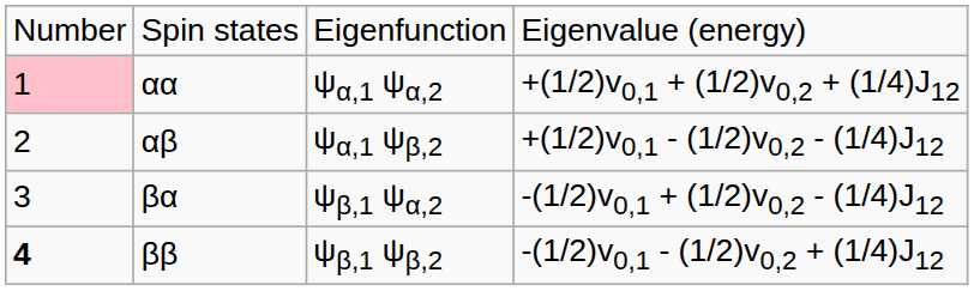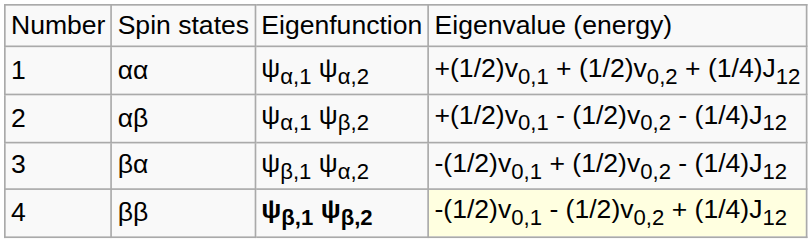 <table class="wikitable">
 <tr>
 <td>Number</td>
 <td>Spin states</td>
 <td>Eigenfunction</td>
 <td>Eigenvalue (energy)</td>
 </tr>
 <tr>
-<td style="background: pink;">1</td>
+<td>1</td>
 <td>αα</td>
 <td>ψ<sub>α,1</sub> ψ<sub>α,2</sub></td>
 <td>+(1/2)v<sub>0,1</sub> + (1/2)v<sub>0,2</sub> + (1/4)J<sub>12</sub></td>
 </tr>
 <tr>
 <td>2</td>
 <td>αβ</td>
 <td>ψ<sub>α,1</sub> ψ<sub>β,2</sub></td>
 <td>+(1/2)v<sub>0,1</sub> - (1/2)v<sub>0,2</sub> - (1/4)J<sub>12</sub></td>
 </tr>
 <tr>
 <td>3</td>
 <td>βα</td>
 <td>ψ<sub>β,1</sub> ψ<sub>α,2</sub></td>
 <td>-(1/2)v<sub>0,1</sub> + (1/2)v<sub>0,2</sub> - (1/4)J<sub>12</sub></td>
 </tr>
 <tr>
-<td><strong>4</strong></td>
+<td>4</td>
 <td>ββ</td>
-<td>ψ<sub>β,1</sub> ψ<sub>β,2</sub></td>
-<td>-(1/2)v<sub>0,1</sub> - (1/2)v<sub>0,2</sub> + (1/4)J<sub>12</sub></td>
+<td><strong>ψ<sub>β,1</sub> ψ<sub>β,2</sub></strong></td>
+<td style="background: lightyellow;">-(1/2)v<sub>0,1</sub> - (1/2)v<sub>0,2</sub> + (1/4)J<sub>12</sub></td>
 </tr>
 </table>
